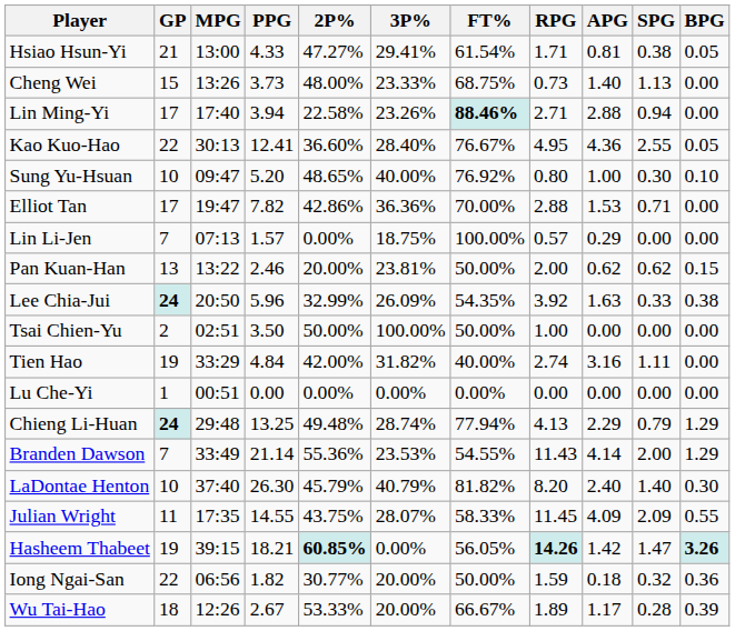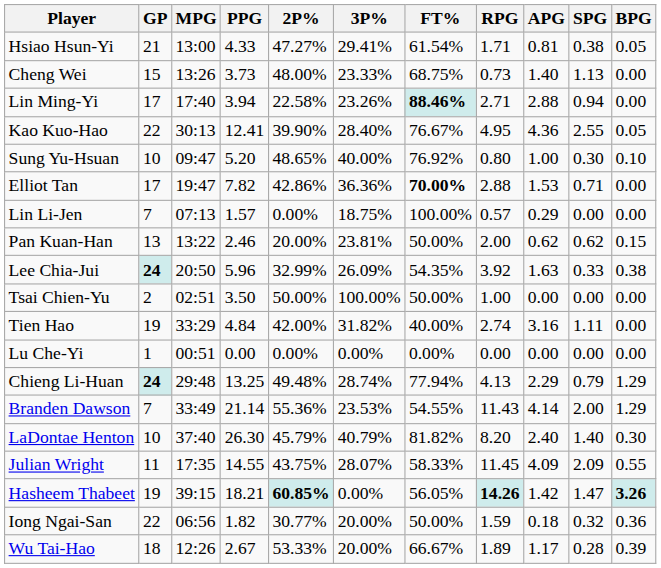 <table class="wikitable">
 <tr>
 <th>Player</th>
 <th>GP</th>
 <th>MPG</th>
 <th>PPG</th>
 <th>2P%</th>
 <th>3P%</th>
 <th>FT%</th>
 <th>RPG</th>
 <th>APG</th>
 <th>SPG</th>
 <th>BPG</th>
 </tr>
 <tr>
 <td>Hsiao Hsun-Yi</td>
 <td>21</td>
 <td>13:00</td>
 <td>4.33</td>
 <td>47.27%</td>
 <td>29.41%</td>
 <td>61.54%</td>
 <td>1.71</td>
 <td>0.81</td>
 <td>0.38</td>
 <td>0.05</td>
 </tr>
 <tr>
 <td>Cheng Wei</td>
 <td>15</td>
 <td>13:26</td>
 <td>3.73</td>
 <td>48.00%</td>
 <td>23.33%</td>
 <td>68.75%</td>
 <td>0.73</td>
 <td>1.40</td>
 <td>1.13</td>
 <td>0.00</td>
 </tr>
 <tr>
 <td>Lin Ming-Yi</td>
 <td>17</td>
 <td>17:40</td>
 <td>3.94</td>
 <td>22.58%</td>
 <td>23.26%</td>
 <td style="background-color: #CFECEC"><strong>88.46%</strong></td>
 <td>2.71</td>
 <td>2.88</td>
 <td>0.94</td>
 <td>0.00</td>
 </tr>
 <tr>
 <td>Kao Kuo-Hao</td>
 <td>22</td>
 <td>30:13</td>
 <td>12.41</td>
-<td>36.60%</td>
+<td>39.90%</td>
 <td>28.40%</td>
 <td>76.67%</td>
 <td>4.95</td>
 <td>4.36</td>
 <td>2.55</td>
 <td>0.05</td>
 </tr>
 <tr>
 <td>Sung Yu-Hsuan</td>
 <td>10</td>
 <td>09:47</td>
 <td>5.20</td>
 <td>48.65%</td>
 <td>40.00%</td>
 <td>76.92%</td>
 <td>0.80</td>
 <td>1.00</td>
 <td>0.30</td>
 <td>0.10</td>
 </tr>
 <tr>
 <td>Elliot Tan</td>
 <td>17</td>
 <td>19:47</td>
 <td>7.82</td>
 <td>42.86%</td>
 <td>36.36%</td>
-<td>70.00%</td>
+<td><strong>70.00%</strong></td>
 <td>2.88</td>
 <td>1.53</td>
 <td>0.71</td>
 <td>0.00</td>
 </tr>
 <tr>
 <td>Lin Li-Jen</td>
 <td>7</td>
 <td>07:13</td>
 <td>1.57</td>
 <td>0.00%</td>
 <td>18.75%</td>
 <td>100.00%</td>
 <td>0.57</td>
 <td>0.29</td>
 <td>0.00</td>
 <td>0.00</td>
 </tr>
 <tr>
 <td>Pan Kuan-Han</td>
 <td>13</td>
 <td>13:22</td>
 <td>2.46</td>
 <td>20.00%</td>
 <td>23.81%</td>
 <td>50.00%</td>
 <td>2.00</td>
 <td>0.62</td>
 <td>0.62</td>
 <td>0.15</td>
 </tr>
 <tr>
 <td>Lee Chia-Jui</td>
 <td style="background-color: #CFECEC"><strong>24</strong></td>
 <td>20:50</td>
 <td>5.96</td>
 <td>32.99%</td>
 <td>26.09%</td>
 <td>54.35%</td>
 <td>3.92</td>
 <td>1.63</td>
 <td>0.33</td>
 <td>0.38</td>
 </tr>
 <tr>
 <td>Tsai Chien-Yu</td>
 <td>2</td>
 <td>02:51</td>
 <td>3.50</td>
 <td>50.00%</td>
 <td>100.00%</td>
 <td>50.00%</td>
 <td>1.00</td>
 <td>0.00</td>
 <td>0.00</td>
 <td>0.00</td>
 </tr>
 <tr>
 <td>Tien Hao</td>
 <td>19</td>
 <td>33:29</td>
 <td>4.84</td>
 <td>42.00%</td>
 <td>31.82%</td>
 <td>40.00%</td>
 <td>2.74</td>
 <td>3.16</td>
 <td>1.11</td>
 <td>0.00</td>
 </tr>
 <tr>
 <td>Lu Che-Yi</td>
 <td>1</td>
 <td>00:51</td>
 <td>0.00</td>
 <td>0.00%</td>
 <td>0.00%</td>
 <td>0.00%</td>
 <td>0.00</td>
 <td>0.00</td>
 <td>0.00</td>
 <td>0.00</td>
 </tr>
 <tr>
 <td>Chieng Li-Huan</td>
 <td style="background-color: #CFECEC"><strong>24</strong></td>
 <td>29:48</td>
 <td>13.25</td>
 <td>49.48%</td>
 <td>28.74%</td>
 <td>77.94%</td>
 <td>4.13</td>
 <td>2.29</td>
 <td>0.79</td>
 <td>1.29</td>
 </tr>
 <tr>
 <td><a href='#'>Branden Dawson</a></td>
 <td>7</td>
 <td>33:49</td>
 <td>21.14</td>
 <td>55.36%</td>
 <td>23.53%</td>
 <td>54.55%</td>
 <td>11.43</td>
 <td>4.14</td>
 <td>2.00</td>
 <td>1.29</td>
 </tr>
 <tr>
 <td><a href='#'>LaDontae Henton</a></td>
 <td>10</td>
 <td>37:40</td>
 <td>26.30</td>
 <td>45.79%</td>
 <td>40.79%</td>
 <td>81.82%</td>
 <td>8.20</td>
 <td>2.40</td>
 <td>1.40</td>
 <td>0.30</td>
 </tr>
 <tr>
 <td><a href='#'>Julian Wright</a></td>
 <td>11</td>
 <td>17:35</td>
 <td>14.55</td>
 <td>43.75%</td>
 <td>28.07%</td>
 <td>58.33%</td>
 <td>11.45</td>
 <td>4.09</td>
 <td>2.09</td>
 <td>0.55</td>
 </tr>
 <tr>
 <td><a href='#'>Hasheem Thabeet</a></td>
 <td>19</td>
 <td>39:15</td>
 <td>18.21</td>
 <td style="background-color: #CFECEC"><strong>60.85%</strong></td>
 <td>0.00%</td>
 <td>56.05%</td>
 <td style="background-color: #CFECEC"><strong>14.26</strong></td>
 <td>1.42</td>
 <td>1.47</td>
 <td style="background-color: #CFECEC"><strong>3.26</strong></td>
 </tr>
 <tr>
 <td>Iong Ngai-San</td>
 <td>22</td>
 <td>06:56</td>
 <td>1.82</td>
 <td>30.77%</td>
 <td>20.00%</td>
 <td>50.00%</td>
 <td>1.59</td>
 <td>0.18</td>
 <td>0.32</td>
 <td>0.36</td>
 </tr>
 <tr>
 <td><a href='#'>Wu Tai-Hao</a></td>
 <td>18</td>
 <td>12:26</td>
 <td>2.67</td>
 <td>53.33%</td>
 <td>20.00%</td>
 <td>66.67%</td>
 <td>1.89</td>
 <td>1.17</td>
 <td>0.28</td>
 <td>0.39</td>
 </tr>
 </table>
